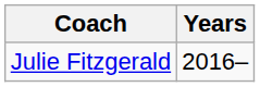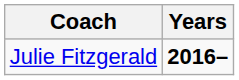 <table class="wikitable collapsible">
 <tr>
 <th>Coach</th>
 <th>Years</th>
 </tr>
 <tr>
 <td><a href='#'>Julie Fitzgerald</a></td>
-<td>2016–</td>
+<td><strong>2016–</strong></td>
 </tr>
 </table>
